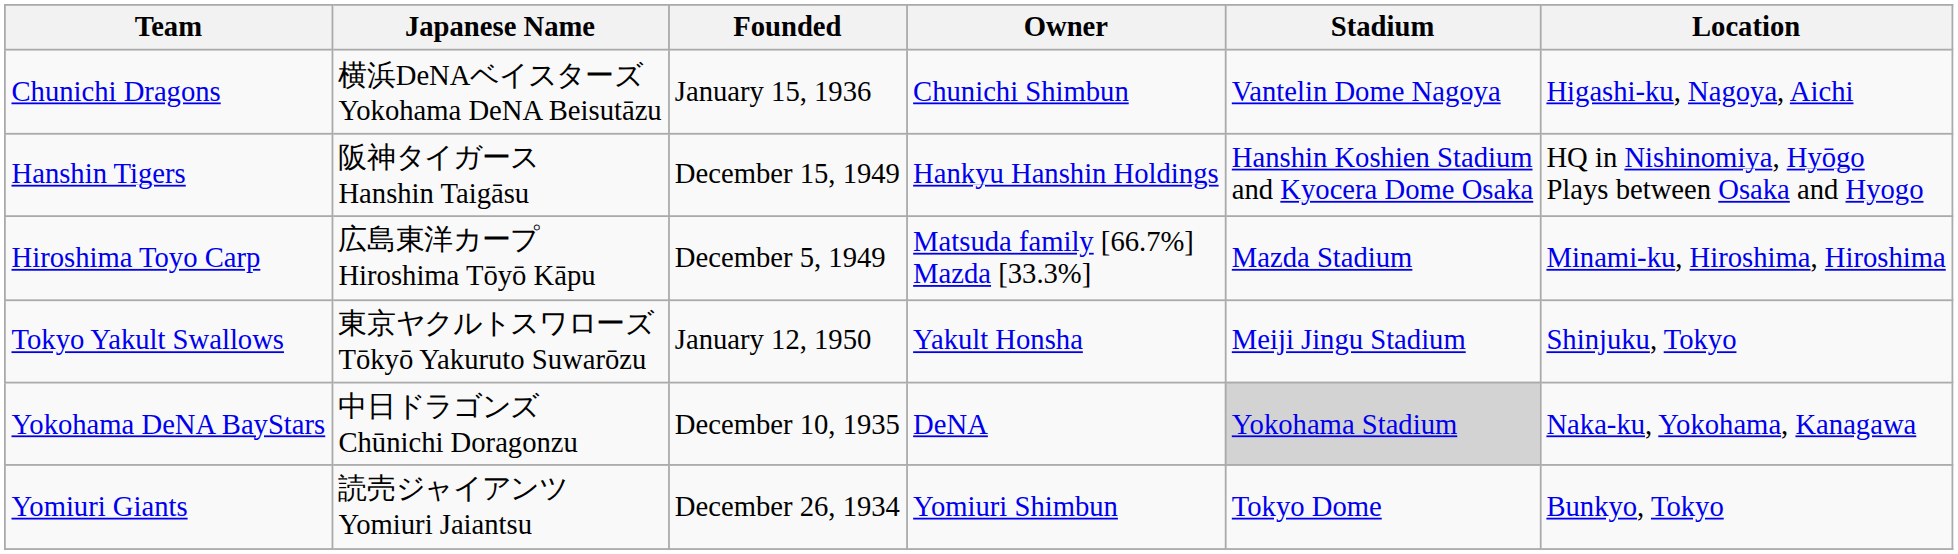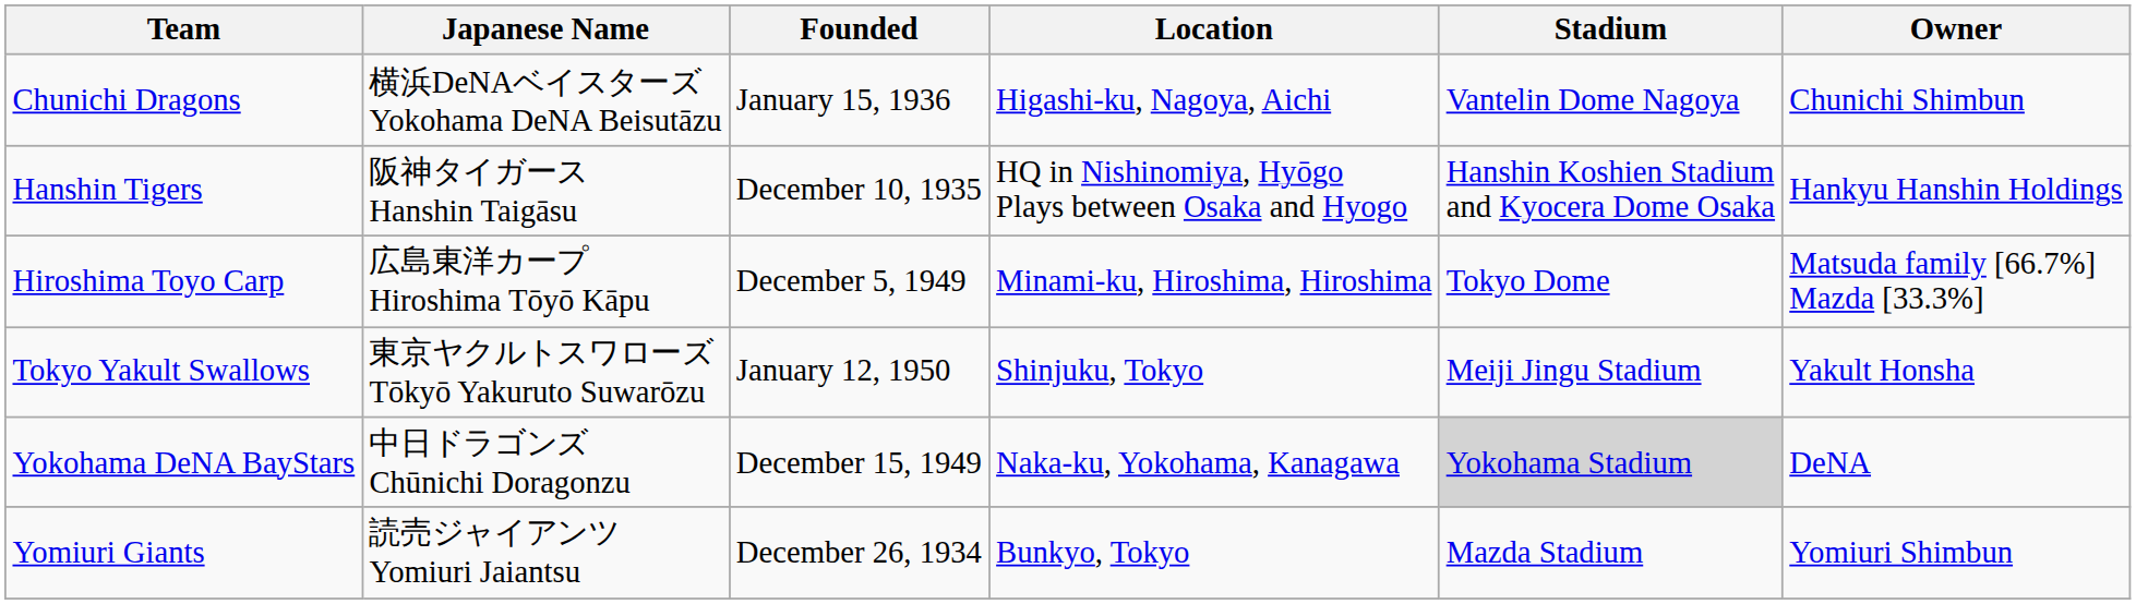 <table class="wikitable">
 <tr>
 <th>Team</th>
 <th>Japanese Name</th>
 <th style="padding: 0.2em 2.2em;">Founded</th>
+<th>Location</th>
+<th>Stadium</th>
 <th>Owner</th>
-<th>Stadium</th>
-<th>Location</th>
 </tr>
 <tr>
 <td><a href='#'>Chunichi Dragons</a></td>
 <td>横浜DeNAベイスターズ <br>Yokohama DeNA Beisutāzu</td>
 <td>January 15, 1936</td>
+<td><a href='#'>Higashi-ku</a>, <a href='#'>Nagoya</a>, <a href='#'>Aichi</a></td>
+<td><a href='#'>Vantelin Dome Nagoya</a></td>
 <td><a href='#'>Chunichi Shimbun</a></td>
-<td><a href='#'>Vantelin Dome Nagoya</a></td>
-<td><a href='#'>Higashi-ku</a>, <a href='#'>Nagoya</a>, <a href='#'>Aichi</a></td>
 </tr>
 <tr>
 <td><a href='#'>Hanshin Tigers</a></td>
 <td>阪神タイガース <br> Hanshin Taigāsu</td>
-<td>December 15, 1949</td>
+<td>December 10, 1935</td>
+<td>HQ in <a href='#'>Nishinomiya</a>, <a href='#'>Hyōgo</a><br>Plays between <a href='#'>Osaka</a> and <a href='#'>Hyogo</a></td>
+<td><a href='#'>Hanshin Koshien Stadium</a><br>and <a href='#'>Kyocera Dome Osaka</a></td>
 <td><a href='#'>Hankyu Hanshin Holdings</a></td>
-<td><a href='#'>Hanshin Koshien Stadium</a><br>and <a href='#'>Kyocera Dome Osaka</a></td>
-<td>HQ in <a href='#'>Nishinomiya</a>, <a href='#'>Hyōgo</a><br>Plays between <a href='#'>Osaka</a> and <a href='#'>Hyogo</a></td>
 </tr>
 <tr>
 <td><a href='#'>Hiroshima Toyo Carp</a></td>
 <td>広島東洋カープ <br>Hiroshima Tōyō Kāpu</td>
 <td>December 5, 1949</td>
+<td><a href='#'>Minami-ku</a>, <a href='#'>Hiroshima</a>, <a href='#'>Hiroshima</a></td>
+<td><a href='#'>Tokyo Dome</a></td>
 <td><a href='#'>Matsuda family</a> [66.7%]<br><a href='#'>Mazda</a> [33.3%]</td>
-<td><a href='#'>Mazda Stadium</a></td>
-<td><a href='#'>Minami-ku</a>, <a href='#'>Hiroshima</a>, <a href='#'>Hiroshima</a></td>
 </tr>
 <tr>
 <td><a href='#'>Tokyo Yakult Swallows</a></td>
 <td>東京ヤクルトスワローズ <br>Tōkyō Yakuruto Suwarōzu</td>
 <td>January 12, 1950</td>
+<td><a href='#'>Shinjuku</a>, <a href='#'>Tokyo</a></td>
+<td><a href='#'>Meiji Jingu Stadium</a></td>
 <td><a href='#'>Yakult Honsha</a></td>
-<td><a href='#'>Meiji Jingu Stadium</a></td>
-<td><a href='#'>Shinjuku</a>, <a href='#'>Tokyo</a></td>
 </tr>
 <tr>
 <td><a href='#'>Yokohama DeNA BayStars</a></td>
 <td>中日ドラゴンズ <br>Chūnichi Doragonzu</td>
-<td>December 10, 1935</td>
+<td>December 15, 1949</td>
+<td><a href='#'>Naka-ku</a>, <a href='#'>Yokohama</a>, <a href='#'>Kanagawa</a></td>
+<td style="background: lightgrey;"><a href='#'>Yokohama Stadium</a></td>
 <td><a href='#'>DeNA</a></td>
-<td style="background: lightgrey;"><a href='#'>Yokohama Stadium</a></td>
-<td><a href='#'>Naka-ku</a>, <a href='#'>Yokohama</a>, <a href='#'>Kanagawa</a></td>
 </tr>
 <tr>
 <td><a href='#'>Yomiuri Giants</a></td>
 <td>読売ジャイアンツ <br>Yomiuri Jaiantsu</td>
 <td>December 26, 1934</td>
+<td><a href='#'>Bunkyo</a>, <a href='#'>Tokyo</a></td>
+<td><a href='#'>Mazda Stadium</a></td>
 <td><a href='#'>Yomiuri Shimbun</a></td>
-<td><a href='#'>Tokyo Dome</a></td>
-<td><a href='#'>Bunkyo</a>, <a href='#'>Tokyo</a></td>
 </tr>
 </table>
